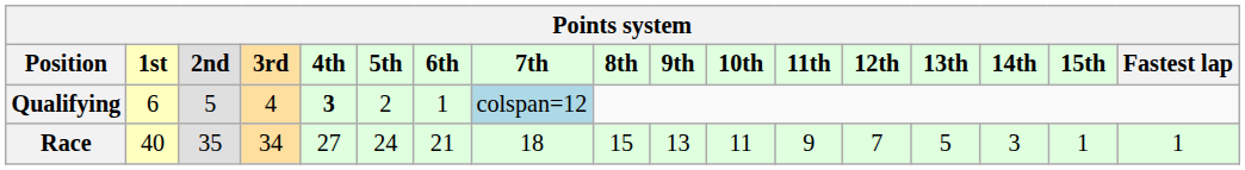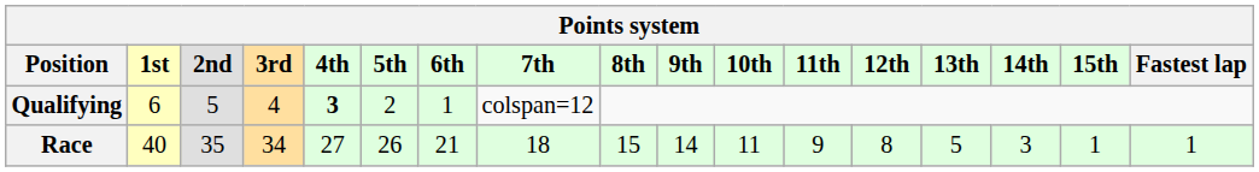 <table class="wikitable" style="font-size:85%; text-align:center">
 <tr>
 <th colspan="23">Points system</th>
 </tr>
 <tr>
 <th>Position</th>
 <td style="background:#ffffbf;"> <strong>1st</strong> </td>
 <td style="background:#dfdfdf;"> <strong>2nd</strong> </td>
 <td style="background:#ffdf9f;"> <strong>3rd</strong> </td>
 <td style="background:#dfffdf;"> <strong>4th</strong> </td>
 <td style="background:#dfffdf;"> <strong>5th</strong> </td>
 <td style="background:#dfffdf;"> <strong>6th</strong> </td>
 <td style="background:#dfffdf;"> <strong>7th</strong> </td>
 <td style="background:#dfffdf;"> <strong>8th</strong> </td>
 <td style="background:#dfffdf;"> <strong>9th</strong> </td>
 <td style="background:#dfffdf;"> <strong>10th</strong> </td>
 <td style="background:#dfffdf;"> <strong>11th</strong> </td>
 <td style="background:#dfffdf;"> <strong>12th</strong> </td>
 <td style="background:#dfffdf;"> <strong>13th</strong> </td>
 <td style="background:#dfffdf;"> <strong>14th</strong> </td>
 <td style="background:#dfffdf;"> <strong>15th</strong> </td>
 <th>Fastest lap</th>
 </tr>
 <tr>
 <th>Qualifying</th>
 <td style="background:#ffffbf;">6</td>
 <td style="background:#dfdfdf;">5</td>
 <td style="background:#ffdf9f;">4</td>
 <td style="background:#dfffdf;"><strong>3</strong></td>
 <td style="background:#dfffdf;">2</td>
 <td style="background:#dfffdf;">1</td>
-<td style="background: lightblue;">colspan=12 </td>
+<td>colspan=12 </td>
 </tr>
 <tr>
 <th>Race</th>
 <td style="background:#ffffbf;">40</td>
 <td style="background:#dfdfdf;">35</td>
 <td style="background:#ffdf9f;">34</td>
 <td style="background:#dfffdf;">27</td>
-<td style="background:#dfffdf;">24</td>
+<td style="background:#dfffdf;">26</td>
 <td style="background:#dfffdf;">21</td>
 <td style="background:#dfffdf;">18</td>
 <td style="background:#dfffdf;">15</td>
-<td style="background:#dfffdf;">13</td>
+<td style="background:#dfffdf;">14</td>
 <td style="background:#dfffdf;">11</td>
 <td style="background:#dfffdf;">9</td>
-<td style="background:#dfffdf;">7</td>
+<td style="background:#dfffdf;">8</td>
 <td style="background:#dfffdf;">5</td>
 <td style="background:#dfffdf;">3</td>
 <td style="background:#dfffdf;">1</td>
 <td style="background:#dfffdf;">1</td>
 </tr>
 </table>
